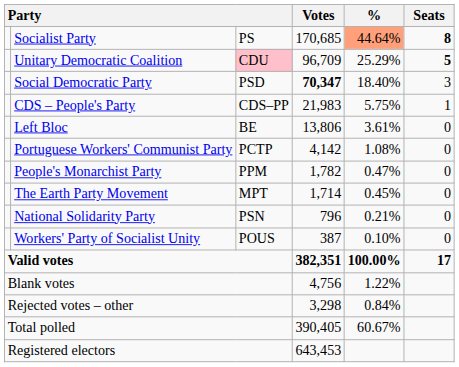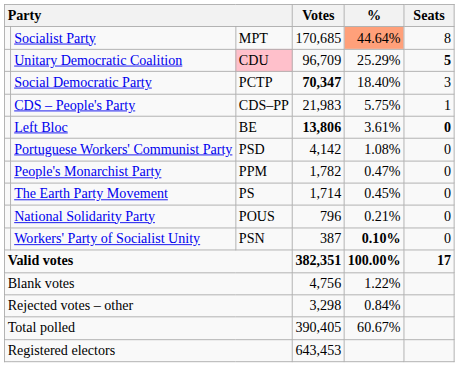 <table class="wikitable" border="1" style="text-align:right;">
 <tr>
 <th style="text-align:left;" colspan=3>Party</th>
 <th align=center width="50">Votes</th>
 <th align=center width="50">%</th>
 <th align=center width="50">Seats</th>
 </tr>
 <tr>
 <td></td>
 <td align=left><a href='#'>Socialist Party</a></td>
-<td align=left>PS</td>
+<td align=left>MPT</td>
 <td>170,685</td>
 <td style="background: lightsalmon;">44.64%</td>
-<td><strong>8</strong></td>
+<td>8</td>
 </tr>
 <tr>
 <td></td>
 <td align=left style="white-space: nowrap;"><a href='#'>Unitary Democratic Coalition</a></td>
 <td align=left style="background: pink;">CDU</td>
 <td>96,709</td>
 <td>25.29%</td>
 <td><strong>5</strong></td>
 </tr>
 <tr>
 <td></td>
 <td align=left><a href='#'>Social Democratic Party</a></td>
-<td align=left>PSD</td>
+<td align=left>PCTP</td>
 <td><strong>70,347</strong></td>
 <td>18.40%</td>
 <td>3</td>
 </tr>
 <tr>
 <td></td>
 <td align=left><a href='#'>CDS – People's Party</a></td>
 <td align=left style="white-space: nowrap;">CDS–PP</td>
 <td>21,983</td>
 <td>5.75%</td>
 <td>1</td>
 </tr>
 <tr>
 <td></td>
 <td align=left><a href='#'>Left Bloc</a></td>
 <td align=left>BE</td>
-<td>13,806</td>
+<td><strong>13,806</strong></td>
 <td>3.61%</td>
-<td>0</td>
+<td><strong>0</strong></td>
 </tr>
 <tr>
 <td></td>
 <td align=left><a href='#'>Portuguese Workers' Communist Party</a></td>
-<td align=left>PCTP</td>
+<td align=left>PSD</td>
 <td>4,142</td>
 <td>1.08%</td>
 <td>0</td>
 </tr>
 <tr>
 <td></td>
 <td align=left><a href='#'>People's Monarchist Party</a></td>
 <td align=left>PPM</td>
 <td>1,782</td>
 <td>0.47%</td>
 <td>0</td>
 </tr>
 <tr>
 <td></td>
 <td align=left><a href='#'>The Earth Party Movement</a></td>
-<td align=left>MPT</td>
+<td align=left>PS</td>
 <td>1,714</td>
 <td>0.45%</td>
 <td>0</td>
 </tr>
 <tr>
 <td></td>
 <td align=left><a href='#'>National Solidarity Party</a></td>
-<td align=left>PSN</td>
+<td align=left>POUS</td>
 <td>796</td>
 <td>0.21%</td>
 <td>0</td>
 </tr>
 <tr>
 <td></td>
 <td align=left><a href='#'>Workers' Party of Socialist Unity</a></td>
-<td align=left>POUS</td>
+<td align=left>PSN</td>
 <td>387</td>
-<td>0.10%</td>
+<td><strong>0.10%</strong></td>
 <td>0</td>
 </tr>
 <tr style="font-weight:bold">
 <td align=left colspan=3>Valid votes</td>
 <td>382,351</td>
 <td>100.00%</td>
 <td>17</td>
 </tr>
 <tr>
 <td align=left colspan=3>Blank votes</td>
 <td>4,756</td>
 <td>1.22%</td>
 <td></td>
 </tr>
 <tr>
 <td align=left colspan=3>Rejected votes – other</td>
 <td>3,298</td>
 <td>0.84%</td>
 <td></td>
 </tr>
 <tr>
 <td align=left colspan=3>Total polled</td>
 <td>390,405</td>
 <td>60.67%</td>
 <td></td>
 </tr>
 <tr>
 <td align=left colspan=3>Registered electors</td>
 <td>643,453</td>
 <td></td>
 <td></td>
 </tr>
 </table>
